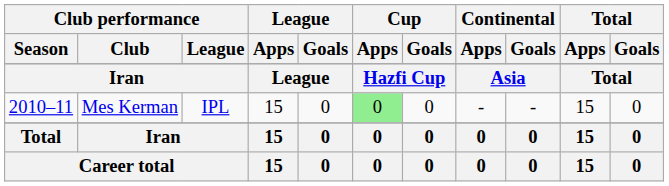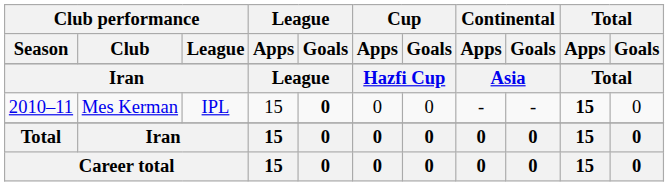 <table class="wikitable" style="text-align:center">
 <tr>
 <th colspan=3>Club performance</th>
 <th colspan=2>League</th>
 <th colspan=2>Cup</th>
 <th colspan=2>Continental</th>
 <th colspan=2>Total</th>
 </tr>
 <tr>
 <th>Season</th>
 <th>Club</th>
 <th>League</th>
 <th>Apps</th>
 <th>Goals</th>
 <th>Apps</th>
 <th>Goals</th>
 <th>Apps</th>
 <th>Goals</th>
 <th>Apps</th>
 <th>Goals</th>
 </tr>
 <tr>
 </tr>
 <tr>
 <th colspan=3>Iran</th>
 <th colspan=2>League</th>
 <th colspan=2><a href='#'>Hazfi Cup</a></th>
 <th colspan=2><a href='#'>Asia</a></th>
 <th colspan=2>Total</th>
 </tr>
 <tr>
 <td><a href='#'>2010–11</a></td>
 <td rowspan="1"><a href='#'>Mes Kerman</a></td>
 <td rowspan="1"><a href='#'>IPL</a></td>
 <td>15</td>
+<td><strong>0</strong></td>
 <td>0</td>
-<td style="background: lightgreen;">0</td>
 <td>0</td>
 <td>-</td>
 <td>-</td>
-<td>15</td>
+<td><strong>15</strong></td>
 <td>0</td>
 </tr>
 <tr>
 </tr>
 <tr>
 <th rowspan=1>Total</th>
 <th colspan=2>Iran</th>
 <th>15</th>
 <th>0</th>
 <th>0</th>
 <th>0</th>
 <th>0</th>
 <th>0</th>
 <th>15</th>
 <th>0</th>
 </tr>
 <tr>
 <th colspan=3>Career total</th>
 <th>15</th>
 <th>0</th>
 <th>0</th>
 <th>0</th>
 <th>0</th>
 <th>0</th>
 <th>15</th>
 <th>0</th>
 </tr>
 </table>
